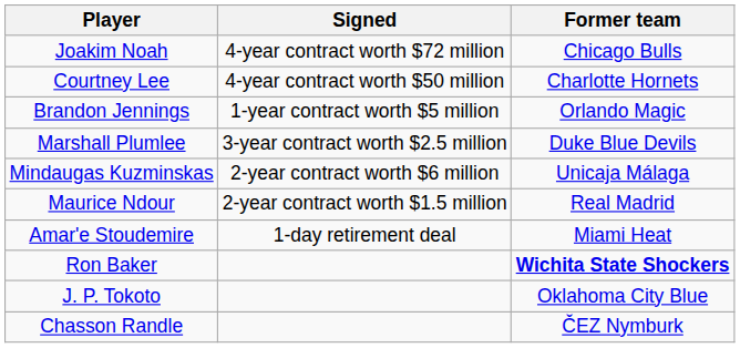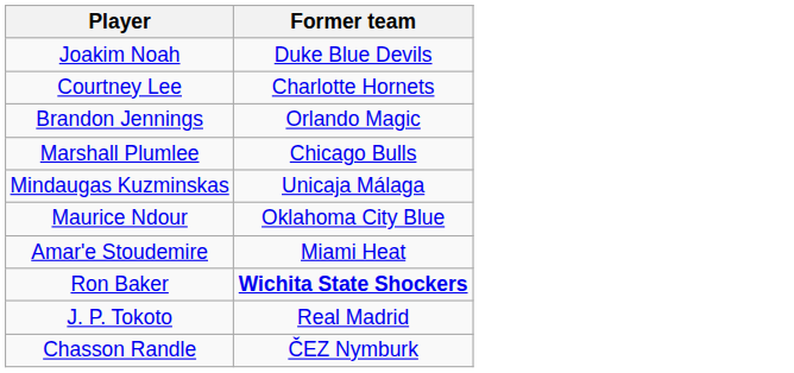 <table class="wikitable sortable sortable" style="text-align: center">
 <tr>
 <th>Player</th>
-<th>Signed</th>
 <th>Former team</th>
 </tr>
 <tr style="text-align: center">
 <td><a href='#'>Joakim Noah</a></td>
-<td>4-year contract worth $72 million</td>
-<td><a href='#'>Chicago Bulls</a></td>
+<td><a href='#'>Duke Blue Devils</a></td>
 </tr>
 <tr style="text-align: center">
 <td><a href='#'>Courtney Lee</a></td>
-<td>4-year contract worth $50 million</td>
 <td><a href='#'>Charlotte Hornets</a></td>
 </tr>
 <tr style="text-align: center">
 <td><a href='#'>Brandon Jennings</a></td>
-<td>1-year contract worth $5 million</td>
 <td><a href='#'>Orlando Magic</a></td>
 </tr>
 <tr style="text-align: center">
 <td><a href='#'>Marshall Plumlee</a></td>
-<td>3-year contract worth $2.5 million</td>
-<td><a href='#'>Duke Blue Devils</a></td>
+<td><a href='#'>Chicago Bulls</a></td>
 </tr>
 <tr style="text-align: center">
 <td><a href='#'>Mindaugas Kuzminskas</a></td>
-<td>2-year contract worth $6 million</td>
 <td><a href='#'>Unicaja Málaga</a></td>
 </tr>
 <tr style="text-align: center">
 <td><a href='#'>Maurice Ndour</a></td>
-<td>2-year contract worth $1.5 million</td>
-<td><a href='#'>Real Madrid</a></td>
+<td><a href='#'>Oklahoma City Blue</a></td>
 </tr>
 <tr style="text-align: center">
 <td><a href='#'>Amar'e Stoudemire</a></td>
-<td>1-day retirement deal</td>
 <td><a href='#'>Miami Heat</a></td>
 </tr>
 <tr style="text-align: center">
 <td><a href='#'>Ron Baker</a></td>
-<td></td>
 <td><strong><a href='#'>Wichita State Shockers</a></strong></td>
 </tr>
 <tr style="text-align: center">
 <td><a href='#'>J. P. Tokoto</a></td>
-<td></td>
-<td><a href='#'>Oklahoma City Blue</a></td>
+<td><a href='#'>Real Madrid</a></td>
 </tr>
 <tr style="text-align: center">
 <td><a href='#'>Chasson Randle</a></td>
-<td></td>
 <td><a href='#'>ČEZ Nymburk</a></td>
 </tr>
 </table>
